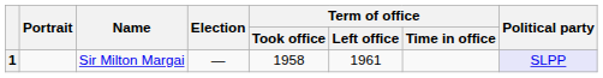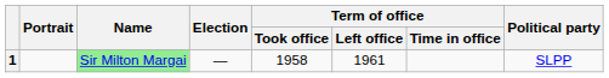 <table class="wikitable" style="text-align:center">
 <tr>
 <th rowspan="2"></th>
 <th rowspan="2">Portrait</th>
 <th rowspan="2">Name<br></th>
 <th rowspan="2">Election</th>
 <th colspan="3">Term of office</th>
 <th rowspan="2">Political party</th>
 </tr>
 <tr>
 <th>Took office</th>
 <th>Left office</th>
 <th>Time in office</th>
 </tr>
 <tr>
 <th style="background:">1</th>
 <td></td>
-<td><a href='#'>Sir Milton Margai</a><br></td>
+<td style="background: lightgreen;"><a href='#'>Sir Milton Margai</a><br></td>
 <td>—</td>
 <td> 1958</td>
 <td> 1961</td>
 <td></td>
-<td style="background: lavender;"><a href='#'>SLPP</a></td>
+<td><a href='#'>SLPP</a></td>
 </tr>
 </table>
